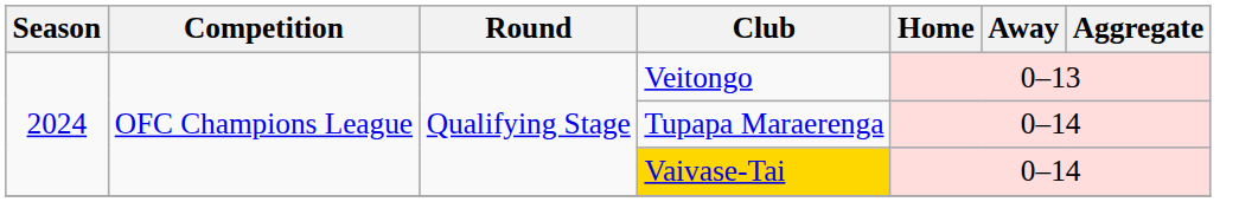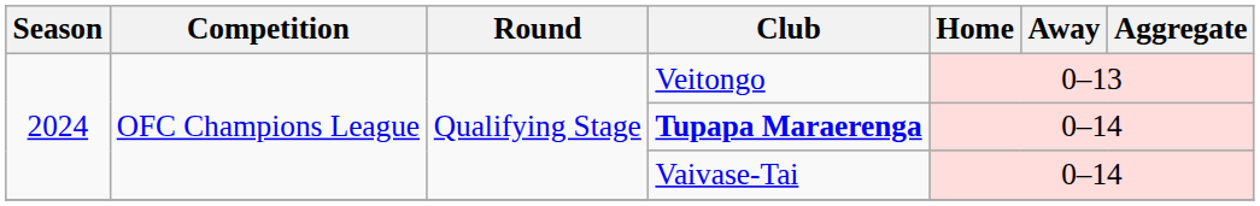 <table class="wikitable">
 <tr>
 <th>Season</th>
 <th>Competition</th>
 <th>Round</th>
 <th>Club</th>
 <th>Home</th>
 <th>Away</th>
 <th>Aggregate</th>
 </tr>
 <tr>
 <td rowspan="3;" style="text-align:center;"><a href='#'>2024</a></td>
 <td rowspan="3"><a href='#'>OFC Champions League</a></td>
 <td rowspan="3"><a href='#'>Qualifying Stage</a></td>
 <td> <a href='#'>Veitongo</a></td>
 <td colspan="3;" style="text-align:center; background:#fdd;">0–13</td>
 </tr>
 <tr>
-<td> <a href='#'>Tupapa Maraerenga</a></td>
+<td><strong> <a href='#'>Tupapa Maraerenga</a></strong></td>
 <td colspan="3;" style="text-align:center; background:#fdd;">0–14</td>
 </tr>
 <tr>
-<td style="background: gold;"> <a href='#'>Vaivase-Tai</a></td>
+<td> <a href='#'>Vaivase-Tai</a></td>
 <td colspan="3;" style="text-align:center; background:#fdd;">0–14</td>
 </tr>
 <tr>
 </tr>
 </table>
